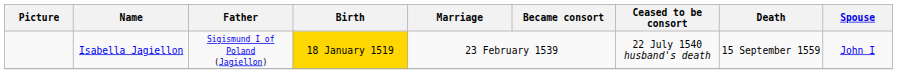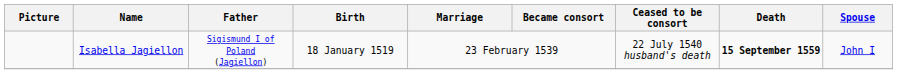 <table width=95% class="wikitable">
 <tr>
 <th width = "6%">Picture</th>
 <th width = "10%">Name</th>
 <th width = "9%">Father</th>
 <th width = "10%">Birth</th>
 <th width = "9%">Marriage</th>
 <th width = "9%">Became consort</th>
 <th width = "9%">Ceased to be consort</th>
 <th width = "9%">Death</th>
 <th width = "6%"><a href='#'>Spouse</a></th>
 </tr>
 <tr>
 <td style="text-align:center"></td>
 <td style="text-align:center"><a href='#'>Isabella Jagiellon</a></td>
 <td style="text-align:center"><small><a href='#'>Sigismund I of Poland</a><br>(<a href='#'>Jagiellon</a>)</small></td>
-<td style="background: gold; text-align:center">18 January 1519</td>
+<td style="text-align:center">18 January 1519</td>
 <td style="text-align:center" colspan="2">23 February 1539</td>
 <td style="text-align:center">22 July 1540<br><em>husband's death</em></td>
-<td style="text-align:center">15 September 1559</td>
+<td style="text-align:center"><strong>15 September 1559</strong></td>
 <td style="text-align:center"><a href='#'>John I</a></td>
 </tr>
 <tr>
 </tr>
 </table>
